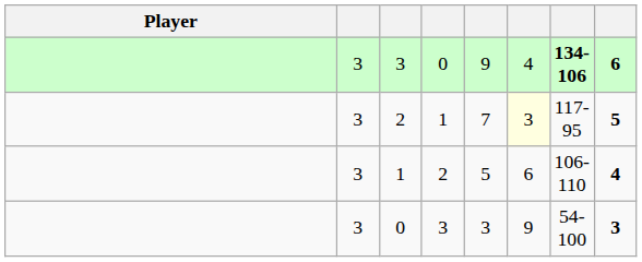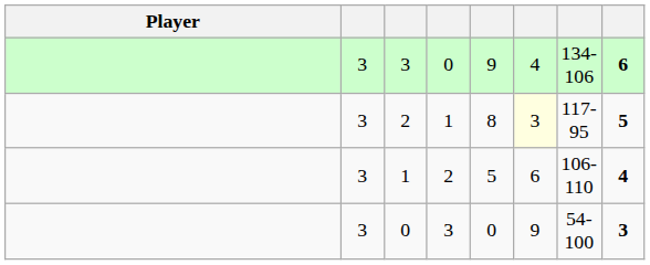 <table class="wikitable" style="text-align: center; font-size:90% ">
 <tr>
 <th width=240>Player</th>
 <th width=25></th>
 <th width=25></th>
 <th width=25></th>
 <th width=25></th>
 <th width=25></th>
 <th width=25></th>
 <th width=25></th>
 </tr>
 <tr bgcolor="ccffcc">
 <td align=left></td>
 <td>3</td>
 <td>3</td>
 <td>0</td>
 <td>9</td>
 <td>4</td>
-<td><strong>134-106</strong></td>
+<td>134-106</td>
 <td><strong>6</strong></td>
 </tr>
 <tr>
 <td align=left></td>
 <td>3</td>
 <td>2</td>
 <td>1</td>
-<td>7</td>
+<td>8</td>
 <td style="background: lightyellow;">3</td>
 <td>117-95</td>
 <td><strong>5</strong></td>
 </tr>
 <tr>
 <td align=left></td>
 <td>3</td>
 <td>1</td>
 <td>2</td>
 <td>5</td>
 <td>6</td>
 <td>106-110</td>
 <td><strong>4</strong></td>
 </tr>
 <tr>
 <td align=left></td>
 <td>3</td>
 <td>0</td>
 <td>3</td>
-<td>3</td>
+<td>0</td>
 <td>9</td>
 <td>54-100</td>
 <td><strong>3</strong></td>
 </tr>
 </table>
